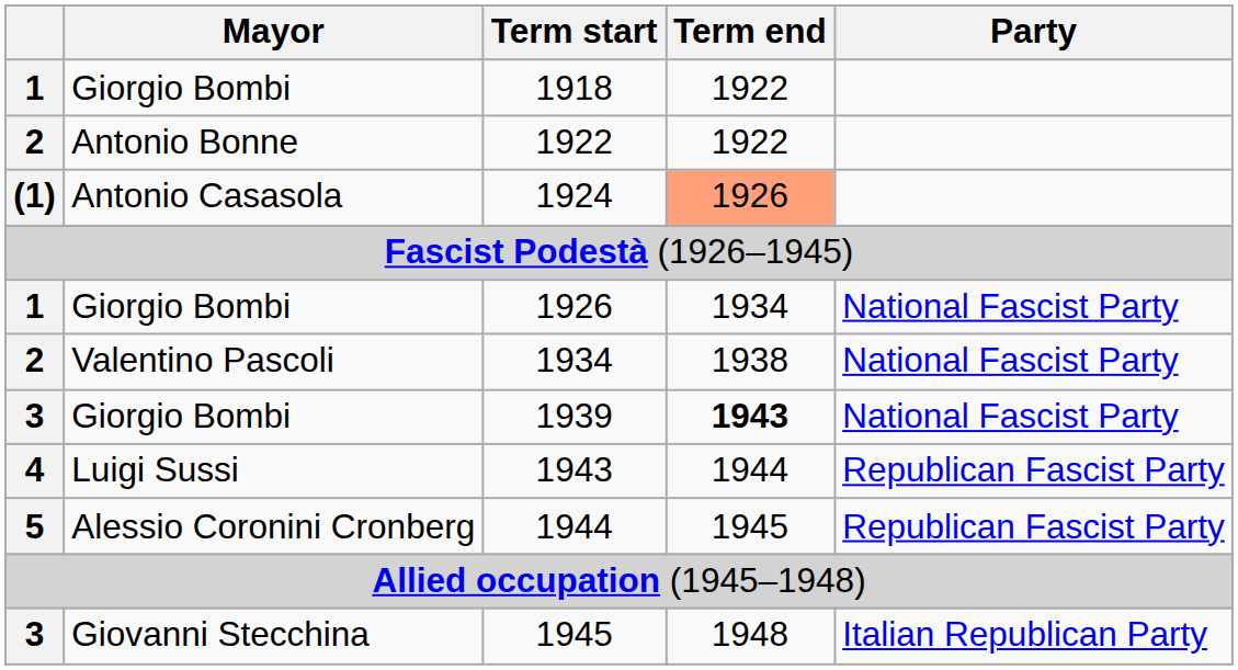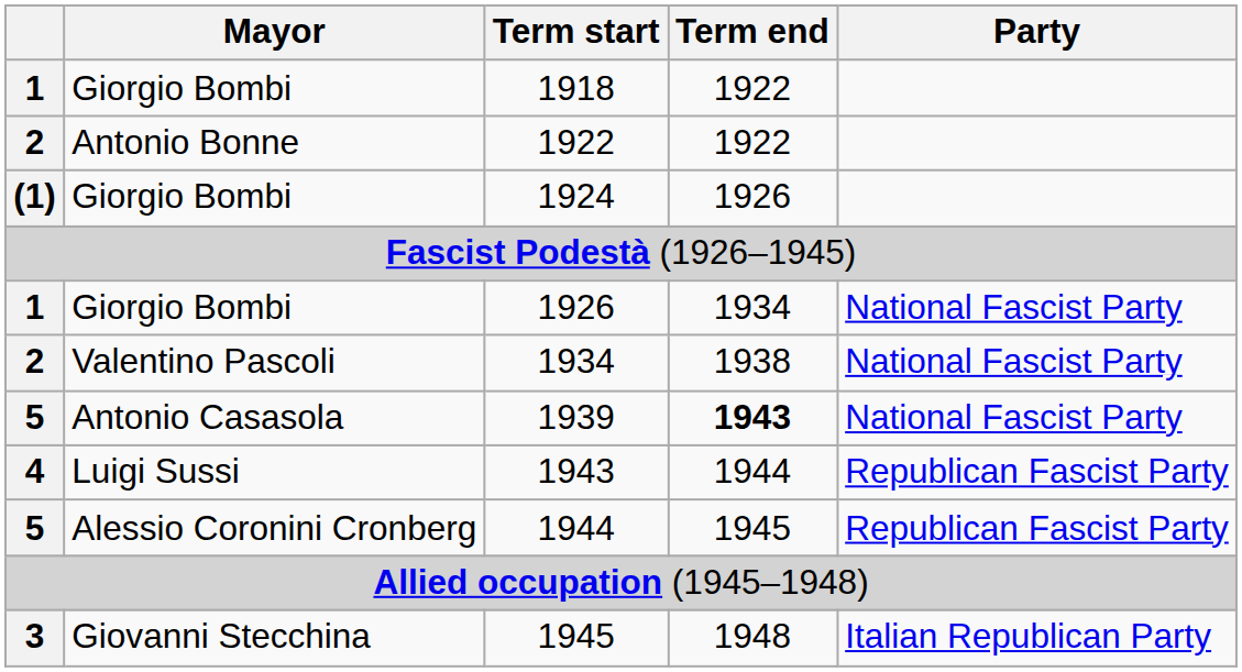 <table class="wikitable">
 <tr>
 <th class=unsortable> </th>
 <th>Mayor</th>
 <th>Term start</th>
 <th>Term end</th>
 <th>Party</th>
 </tr>
 <tr>
 <th rowspan=1 style="background:">1</th>
 <td>Giorgio Bombi</td>
 <td align=center>1918</td>
 <td align=center>1922</td>
 <td></td>
 </tr>
 <tr>
 <th rowspan=1 style="background:">2</th>
 <td>Antonio Bonne</td>
 <td align=center>1922</td>
 <td align=center>1922</td>
 <td></td>
 </tr>
 <tr>
 <th rowspan=1 style="background:">(1)</th>
-<td>Antonio Casasola</td>
+<td>Giorgio Bombi</td>
 <td align=center>1924</td>
-<td align=center style="background: lightsalmon;">1926</td>
+<td align=center>1926</td>
 <td></td>
 </tr>
 <tr>
 <td colspan="8" bgcolor="lightgrey" align=center><strong><a href='#'>Fascist Podestà</a></strong> (1926–1945)</td>
 </tr>
 <tr>
 <th rowspan=1 style="background:">1</th>
 <td>Giorgio Bombi</td>
 <td align=center>1926</td>
 <td align=center>1934</td>
 <td><a href='#'>National Fascist Party</a></td>
 </tr>
 <tr>
 <th rowspan=1 style="background:">2</th>
 <td>Valentino Pascoli</td>
 <td align=center>1934</td>
 <td align=center>1938</td>
 <td><a href='#'>National Fascist Party</a></td>
 </tr>
 <tr>
-<th rowspan=1 style="background:">3</th>
-<td>Giorgio Bombi</td>
+<th rowspan=1 style="background:">5</th>
+<td>Antonio Casasola</td>
 <td align=center>1939</td>
 <td align=center><strong>1943</strong></td>
 <td><a href='#'>National Fascist Party</a></td>
 </tr>
 <tr>
 <th rowspan=1 style="background:">4</th>
 <td>Luigi Sussi</td>
 <td align=center>1943</td>
 <td align=center>1944</td>
 <td><a href='#'>Republican Fascist Party</a></td>
 </tr>
 <tr>
 <th rowspan=1 style="background:">5</th>
 <td>Alessio Coronini Cronberg</td>
 <td align=center>1944</td>
 <td align=center>1945</td>
 <td><a href='#'>Republican Fascist Party</a></td>
 </tr>
 <tr>
 <td colspan="8" bgcolor="lightgrey" align=center><strong><a href='#'>Allied occupation</a></strong> (1945–1948)</td>
 </tr>
 <tr>
 <th rowspan=1 style="background:">3</th>
 <td>Giovanni Stecchina</td>
 <td align=center>1945</td>
 <td align=center>1948</td>
 <td><a href='#'>Italian Republican Party</a></td>
 </tr>
 </table>
